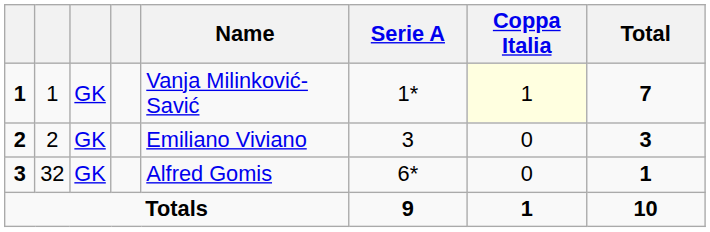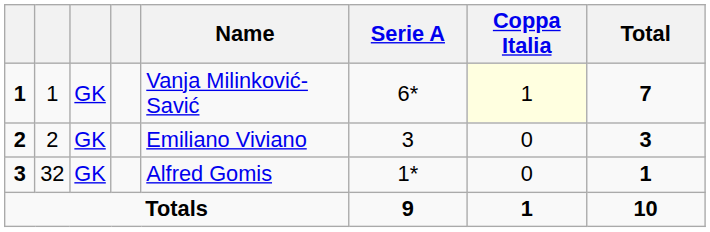 <table class="wikitable" style="text-align:center">
 <tr>
 <th width=15></th>
 <th width=15></th>
 <th width=15></th>
 <th width=15></th>
 <th width=145>Name</th>
 <th width=80><strong><a href='#'>Serie A</a></strong></th>
 <th width=80><strong><a href='#'>Coppa Italia</a></strong></th>
 <th width=80>Total</th>
 </tr>
 <tr>
 <td><strong>1</strong></td>
 <td>1</td>
 <td><a href='#'>GK</a></td>
 <td></td>
 <td align=left><a href='#'>Vanja Milinković-Savić</a></td>
-<td>1*</td>
+<td>6*</td>
 <td style="background: lightyellow;">1</td>
 <td><strong>7</strong></td>
 </tr>
 <tr>
 <td><strong>2</strong></td>
 <td>2</td>
 <td><a href='#'>GK</a></td>
 <td></td>
 <td align=left><a href='#'>Emiliano Viviano</a></td>
 <td>3</td>
 <td>0</td>
 <td><strong>3</strong></td>
 </tr>
 <tr>
 <td><strong>3</strong></td>
 <td>32</td>
 <td><a href='#'>GK</a></td>
 <td></td>
 <td align=left><a href='#'>Alfred Gomis</a></td>
-<td>6*</td>
+<td>1*</td>
 <td>0</td>
 <td><strong>1</strong></td>
 </tr>
 <tr>
 <td colspan=5><strong>Totals</strong></td>
 <td><strong>9</strong></td>
 <td><strong>1</strong></td>
 <td><strong>10</strong></td>
 </tr>
 </table>
